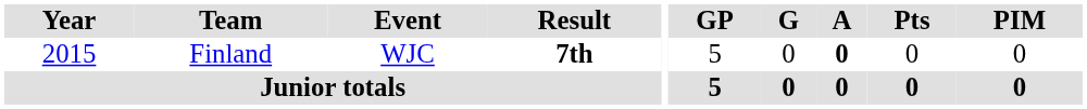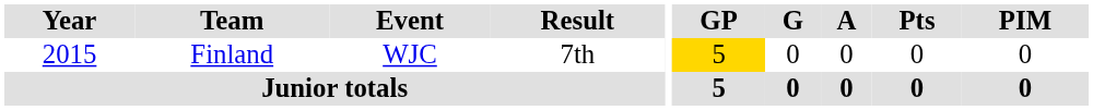 <table border="0" cellpadding="1" cellspacing="0" ID="Table3" style="text-align:center; width:40em">
 <tr ALIGN="center" bgcolor="#e0e0e0">
 <th>Year</th>
 <th>Team</th>
 <th>Event</th>
 <th>Result</th>
 <th rowspan="99" bgcolor="#ffffff"></th>
 <th>GP</th>
 <th>G</th>
 <th>A</th>
 <th>Pts</th>
 <th>PIM</th>
 </tr>
 <tr>
 <td><a href='#'>2015</a></td>
 <td><a href='#'>Finland</a></td>
 <td><a href='#'>WJC</a></td>
-<td><strong>7th</strong></td>
-<td>5</td>
+<td>7th</td>
+<td style="background: gold;">5</td>
 <td>0</td>
-<td><strong>0</strong></td>
+<td>0</td>
 <td>0</td>
 <td>0</td>
 </tr>
 <tr ALIGN="center" bgcolor="#e0e0e0">
 <th colspan=4>Junior totals</th>
 <th>5</th>
 <th>0</th>
 <th>0</th>
 <th>0</th>
 <th>0</th>
 </tr>
 </table>
